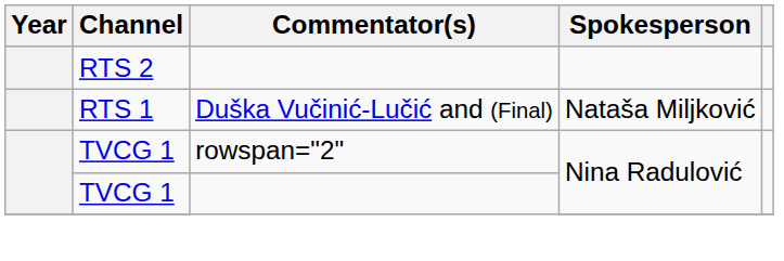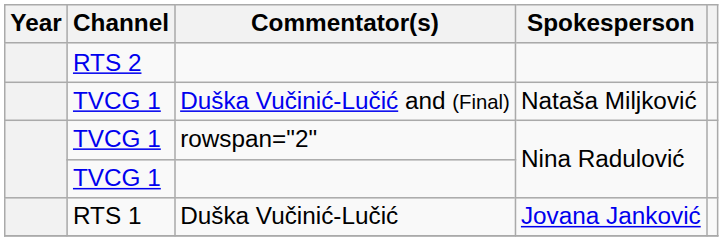 <table class="wikitable plainrowheaders sticky-header">
 <tr>
 <th>Year</th>
 <th>Channel</th>
 <th>Commentator(s)</th>
 <th>Spokesperson</th>
 <th class="unsortable"></th>
 </tr>
 <tr>
 <th scope="row"></th>
 <td><a href='#'>RTS 2</a></td>
 <td></td>
 <td></td>
 <td style="text-align:center"></td>
 </tr>
 <tr>
 <th scope="row"></th>
-<td><a href='#'>RTS 1</a></td>
+<td><a href='#'>TVCG 1</a></td>
 <td><a href='#'>Duška Vučinić-Lučić</a> and  <small>(Final)</small></td>
 <td>Nataša Miljković</td>
 <td style="text-align:center"></td>
 </tr>
 <tr>
 <th scope="row" rowspan="2"></th>
 <td><a href='#'>TVCG 1</a></td>
 <td>rowspan="2" </td>
 <td rowspan="2">Nina Radulović</td>
 <td rowspan="2" style="text-align:center"></td>
 </tr>
 <tr>
 <td><a href='#'>TVCG 1</a></td>
 </tr>
 <tr>
+<th scope="row"></th>
+<td>RTS 1</td>
+<td>Duška Vučinić-Lučić</td>
+<td><a href='#'>Jovana Janković</a></td>
+<td style="text-align:center"></td>
+</tr>
+<tr>
 </tr>
 </table>
